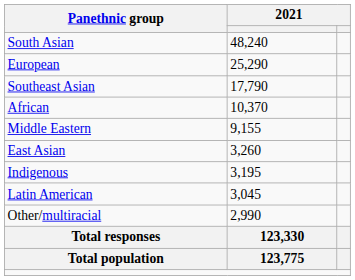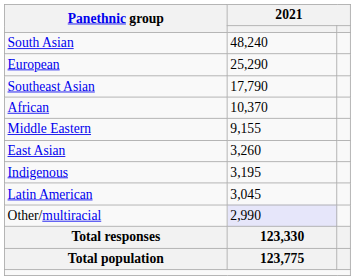 <table class="wikitable collapsible sortable">
 <tr>
 <th rowspan="2"><a href='#'>Panethnic</a> group</th>
 <th colspan="2">2021</th>
 </tr>
 <tr>
 <th><a href='#'></a></th>
 <th></th>
 </tr>
 <tr>
 <td><a href='#'>South Asian</a></td>
 <td>48,240</td>
 <td></td>
 </tr>
 <tr>
 <td><a href='#'>European</a></td>
 <td>25,290</td>
 <td></td>
 </tr>
 <tr>
 <td><a href='#'>Southeast Asian</a></td>
 <td>17,790</td>
 <td></td>
 </tr>
 <tr>
 <td><a href='#'>African</a></td>
 <td>10,370</td>
 <td></td>
 </tr>
 <tr>
 <td><a href='#'>Middle Eastern</a></td>
 <td>9,155</td>
 <td></td>
 </tr>
 <tr>
 <td><a href='#'>East Asian</a></td>
 <td>3,260</td>
 <td></td>
 </tr>
 <tr>
 <td><a href='#'>Indigenous</a></td>
 <td>3,195</td>
 <td></td>
 </tr>
 <tr>
 <td><a href='#'>Latin American</a></td>
 <td>3,045</td>
 <td></td>
 </tr>
 <tr>
 <td>Other/<a href='#'>multiracial</a></td>
-<td>2,990</td>
+<td style="background: lavender;">2,990</td>
 <td></td>
 </tr>
 <tr>
 <th>Total responses</th>
 <th>123,330</th>
 <th></th>
 </tr>
 <tr class="sortbottom">
 <th>Total population</th>
 <th>123,775</th>
 <th></th>
 </tr>
 <tr class="sortbottom">
 <td colspan="15" style="width: 25em;"></td>
 </tr>
 </table>
